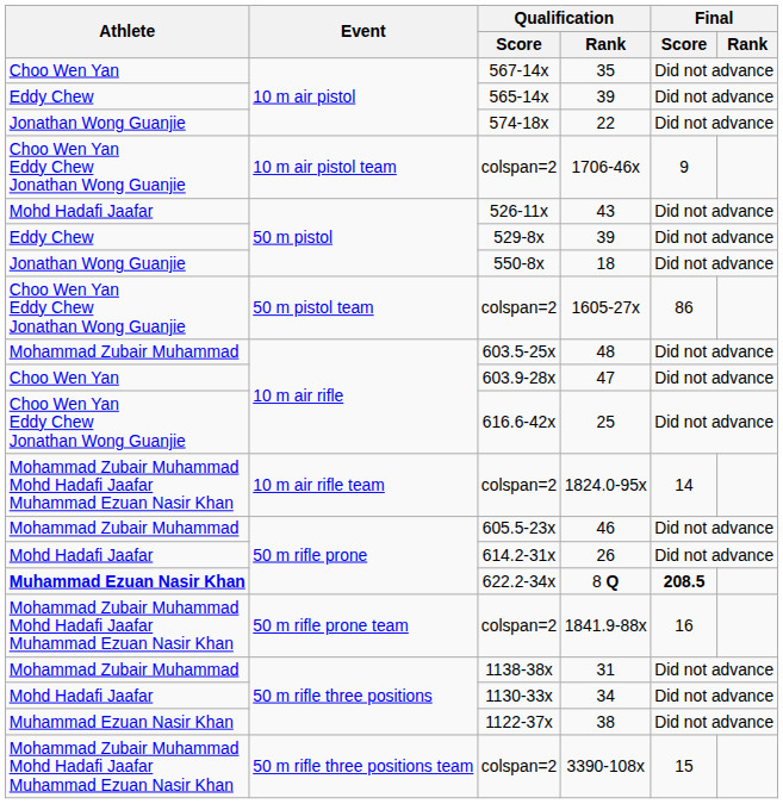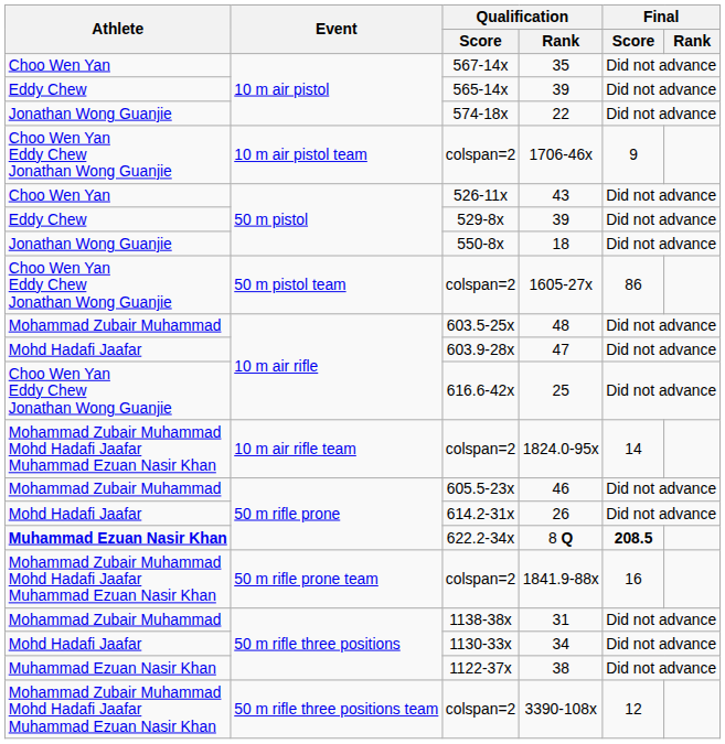 <table class=wikitable style="text-align:center; font-size:90%">
 <tr>
 <th rowspan=2>Athlete</th>
 <th rowspan=2>Event</th>
 <th colspan=2>Qualification</th>
 <th colspan=2>Final</th>
 </tr>
 <tr>
 <th>Score</th>
 <th>Rank</th>
 <th>Score</th>
 <th>Rank</th>
 </tr>
 <tr>
 <td align=left><a href='#'>Choo Wen Yan</a></td>
 <td align=left rowspan=3><a href='#'>10 m air pistol</a></td>
 <td>567-14x</td>
 <td>35</td>
 <td colspan=2>Did not advance</td>
 </tr>
 <tr>
 <td align=left><a href='#'>Eddy Chew</a></td>
 <td>565-14x</td>
 <td>39</td>
 <td colspan=2>Did not advance</td>
 </tr>
 <tr>
 <td align=left><a href='#'>Jonathan Wong Guanjie</a></td>
 <td>574-18x</td>
 <td>22</td>
 <td colspan=2>Did not advance</td>
 </tr>
 <tr>
 <td align=left><a href='#'>Choo Wen Yan</a><br><a href='#'>Eddy Chew</a><br><a href='#'>Jonathan Wong Guanjie</a></td>
 <td align=left><a href='#'>10 m air pistol team</a></td>
 <td>colspan=2 </td>
 <td>1706-46x</td>
 <td>9</td>
 </tr>
 <tr>
-<td align=left><a href='#'>Mohd Hadafi Jaafar</a></td>
+<td align=left><a href='#'>Choo Wen Yan</a></td>
 <td align=left rowspan=3><a href='#'>50 m pistol</a></td>
 <td>526-11x</td>
 <td>43</td>
 <td colspan=2>Did not advance</td>
 </tr>
 <tr>
 <td align=left><a href='#'>Eddy Chew</a></td>
 <td>529-8x</td>
 <td>39</td>
 <td colspan=2>Did not advance</td>
 </tr>
 <tr>
 <td align=left><a href='#'>Jonathan Wong Guanjie</a></td>
 <td>550-8x</td>
 <td>18</td>
 <td colspan=2>Did not advance</td>
 </tr>
 <tr>
 <td align=left><a href='#'>Choo Wen Yan</a><br><a href='#'>Eddy Chew</a><br><a href='#'>Jonathan Wong Guanjie</a></td>
 <td align=left><a href='#'>50 m pistol team</a></td>
 <td>colspan=2 </td>
 <td>1605-27x</td>
 <td>86</td>
 </tr>
 <tr>
 <td align=left><a href='#'>Mohammad Zubair Muhammad</a></td>
 <td align=left rowspan=3><a href='#'>10 m air rifle</a></td>
 <td>603.5-25x</td>
 <td>48</td>
 <td colspan=2>Did not advance</td>
 </tr>
 <tr>
-<td align=left><a href='#'>Choo Wen Yan</a></td>
+<td align=left><a href='#'>Mohd Hadafi Jaafar</a></td>
 <td>603.9-28x</td>
 <td>47</td>
 <td colspan=2>Did not advance</td>
 </tr>
 <tr>
 <td align=left><a href='#'>Choo Wen Yan</a><br><a href='#'>Eddy Chew</a><br><a href='#'>Jonathan Wong Guanjie</a></td>
 <td>616.6-42x</td>
 <td>25</td>
 <td colspan=2>Did not advance</td>
 </tr>
 <tr>
 <td align=left><a href='#'>Mohammad Zubair Muhammad</a><br><a href='#'>Mohd Hadafi Jaafar</a><br><a href='#'>Muhammad Ezuan Nasir Khan</a></td>
 <td align=left><a href='#'>10 m air rifle team</a></td>
 <td>colspan=2 </td>
 <td>1824.0-95x</td>
 <td>14</td>
 </tr>
 <tr>
 <td align=left><a href='#'>Mohammad Zubair Muhammad</a></td>
 <td align=left rowspan=3><a href='#'>50 m rifle prone</a></td>
 <td>605.5-23x</td>
 <td>46</td>
 <td colspan=2>Did not advance</td>
 </tr>
 <tr>
 <td align=left><a href='#'>Mohd Hadafi Jaafar</a></td>
 <td>614.2-31x</td>
 <td>26</td>
 <td colspan=2>Did not advance</td>
 </tr>
 <tr>
 <td align=left><strong><a href='#'>Muhammad Ezuan Nasir Khan</a></strong></td>
 <td>622.2-34x</td>
 <td>8 <strong>Q</strong></td>
 <td><strong>208.5</strong></td>
 <td></td>
 </tr>
 <tr>
 <td align=left><a href='#'>Mohammad Zubair Muhammad</a><br><a href='#'>Mohd Hadafi Jaafar</a><br><a href='#'>Muhammad Ezuan Nasir Khan</a></td>
 <td align=left><a href='#'>50 m rifle prone team</a></td>
 <td>colspan=2 </td>
 <td>1841.9-88x</td>
 <td>16</td>
 </tr>
 <tr>
 <td align=left><a href='#'>Mohammad Zubair Muhammad</a></td>
 <td align=left rowspan=3><a href='#'>50 m rifle three positions</a></td>
 <td>1138-38x</td>
 <td>31</td>
 <td colspan=2>Did not advance</td>
 </tr>
 <tr>
 <td align=left><a href='#'>Mohd Hadafi Jaafar</a></td>
 <td>1130-33x</td>
 <td>34</td>
 <td colspan=2>Did not advance</td>
 </tr>
 <tr>
 <td align=left><a href='#'>Muhammad Ezuan Nasir Khan</a></td>
 <td>1122-37x</td>
 <td>38</td>
 <td colspan=2>Did not advance</td>
 </tr>
 <tr>
 <td align=left><a href='#'>Mohammad Zubair Muhammad</a><br><a href='#'>Mohd Hadafi Jaafar</a><br><a href='#'>Muhammad Ezuan Nasir Khan</a></td>
 <td align=left><a href='#'>50 m rifle three positions team</a></td>
 <td>colspan=2 </td>
 <td>3390-108x</td>
-<td>15</td>
+<td>12</td>
 </tr>
 </table>
